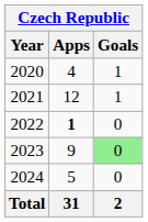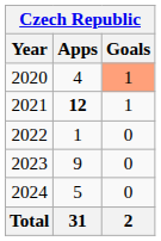 <table class="wikitable" style="text-align:center">
 <tr>
 <th colspan=4><a href='#'>Czech Republic</a></th>
 </tr>
 <tr>
 <th>Year</th>
 <th>Apps</th>
 <th>Goals</th>
 </tr>
 <tr>
 <td>2020</td>
 <td>4</td>
-<td>1</td>
+<td style="background: lightsalmon;">1</td>
 </tr>
 <tr>
 <td>2021</td>
-<td>12</td>
+<td><strong>12</strong></td>
 <td>1</td>
 </tr>
 <tr>
 <td>2022</td>
-<td><strong>1</strong></td>
+<td>1</td>
 <td>0</td>
 </tr>
 <tr>
 <td>2023</td>
 <td>9</td>
-<td style="background: lightgreen;">0</td>
+<td>0</td>
 </tr>
 <tr>
 <td>2024</td>
 <td>5</td>
 <td>0</td>
 </tr>
 <tr>
 <th>Total</th>
 <th>31</th>
 <th>2</th>
 </tr>
 </table>
